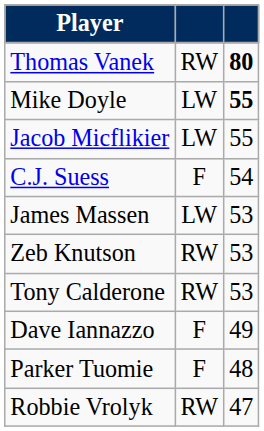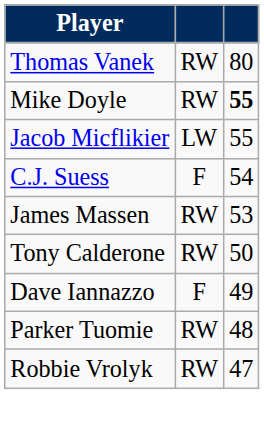 <table class="wikitable" style="text-align:center;">
 <tr>
 <th align="left" style="background:#002b5c; color:#FFFFFF;">Player</th>
 <th style="background:#002b5c; color:#FFFFFF;"></th>
 <th style="background:#002b5c; color:#FFFFFF;"></th>
 </tr>
 <tr>
 <td align="left"><a href='#'>Thomas Vanek</a></td>
 <td>RW</td>
-<td><strong>80</strong></td>
+<td>80</td>
 </tr>
 <tr>
 <td align="left">Mike Doyle</td>
-<td>LW</td>
+<td>RW</td>
 <td><strong>55</strong></td>
 </tr>
 <tr>
 <td align="left"><a href='#'>Jacob Micflikier</a></td>
 <td>LW</td>
 <td>55</td>
 </tr>
 <tr>
 <td align="left"><a href='#'>C.J. Suess</a></td>
 <td>F</td>
 <td>54</td>
 </tr>
 <tr>
 <td align="left">James Massen</td>
-<td>LW</td>
-<td>53</td>
-</tr>
-<tr>
-<td align="left">Zeb Knutson</td>
 <td>RW</td>
 <td>53</td>
 </tr>
 <tr>
 <td align="left">Tony Calderone</td>
 <td>RW</td>
-<td>53</td>
+<td>50</td>
 </tr>
 <tr>
 <td align="left">Dave Iannazzo</td>
 <td>F</td>
 <td>49</td>
 </tr>
 <tr>
 <td align="left">Parker Tuomie</td>
-<td>F</td>
+<td>RW</td>
 <td>48</td>
 </tr>
 <tr>
 <td align="left">Robbie Vrolyk</td>
 <td>RW</td>
 <td>47</td>
 </tr>
 </table>
